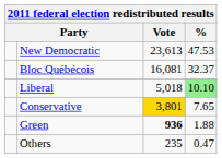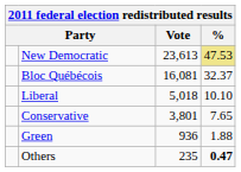 <table class="wikitable">
 <tr>
 <th colspan="4"><a href='#'>2011 federal election</a> redistributed results</th>
 </tr>
 <tr>
 <th bgcolor="#DDDDFF" width="130px" colspan="2">Party</th>
 <th bgcolor="#DDDDFF" width="50px">Vote</th>
 <th bgcolor="#DDDDFF" width="30px">%</th>
 </tr>
 <tr>
 <td> </td>
 <td><a href='#'>New Democratic</a></td>
 <td align=right>23,613</td>
-<td align=right>47.53</td>
+<td align=right style="background: khaki;">47.53</td>
 </tr>
 <tr>
 <td> </td>
 <td><a href='#'>Bloc Québécois</a></td>
 <td align=right>16,081</td>
 <td align=right>32.37</td>
 </tr>
 <tr>
 <td> </td>
 <td><a href='#'>Liberal</a></td>
 <td align=right>5,018</td>
-<td align=right style="background: lightgreen;">10.10</td>
+<td align=right>10.10</td>
 </tr>
 <tr>
 <td> </td>
 <td><a href='#'>Conservative</a></td>
-<td align=right style="background: gold;">3,801</td>
+<td align=right>3,801</td>
 <td align=right>7.65</td>
 </tr>
 <tr>
 <td> </td>
 <td><a href='#'>Green</a></td>
-<td align=right><strong>936</strong></td>
+<td align=right>936</td>
 <td align=right>1.88</td>
 </tr>
 <tr>
 <td> </td>
 <td>Others</td>
 <td align=right>235</td>
-<td align=right>0.47</td>
+<td align=right><strong>0.47</strong></td>
 </tr>
 </table>
